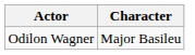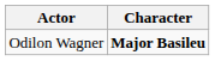 <table class="wikitable sortable">
 <tr style="background:#ccc;">
 <th>Actor</th>
 <th>Character</th>
 </tr>
 <tr>
 <td>Odilon Wagner</td>
-<td>Major Basileu</td>
+<td><strong>Major Basileu</strong></td>
 </tr>
 </table>
